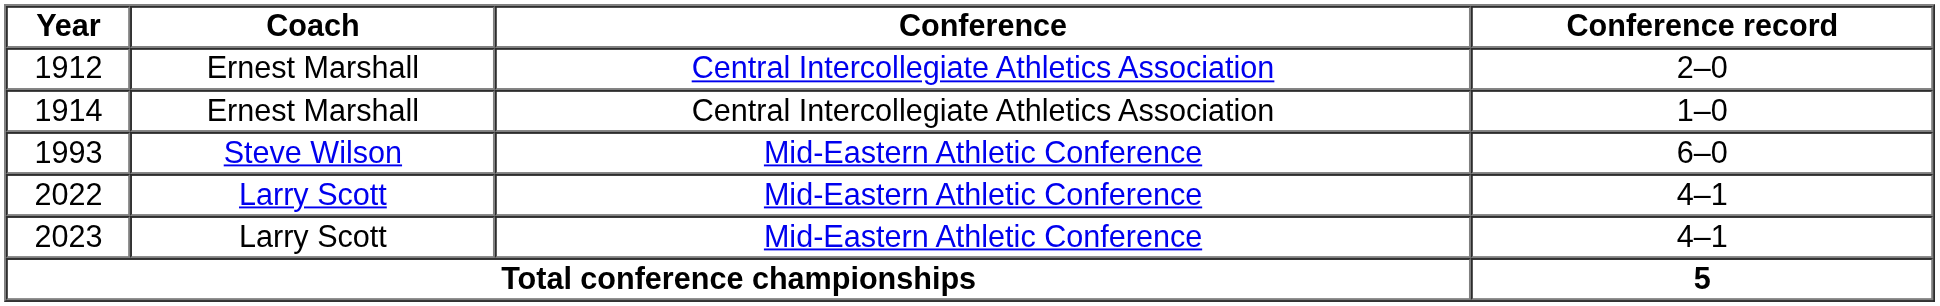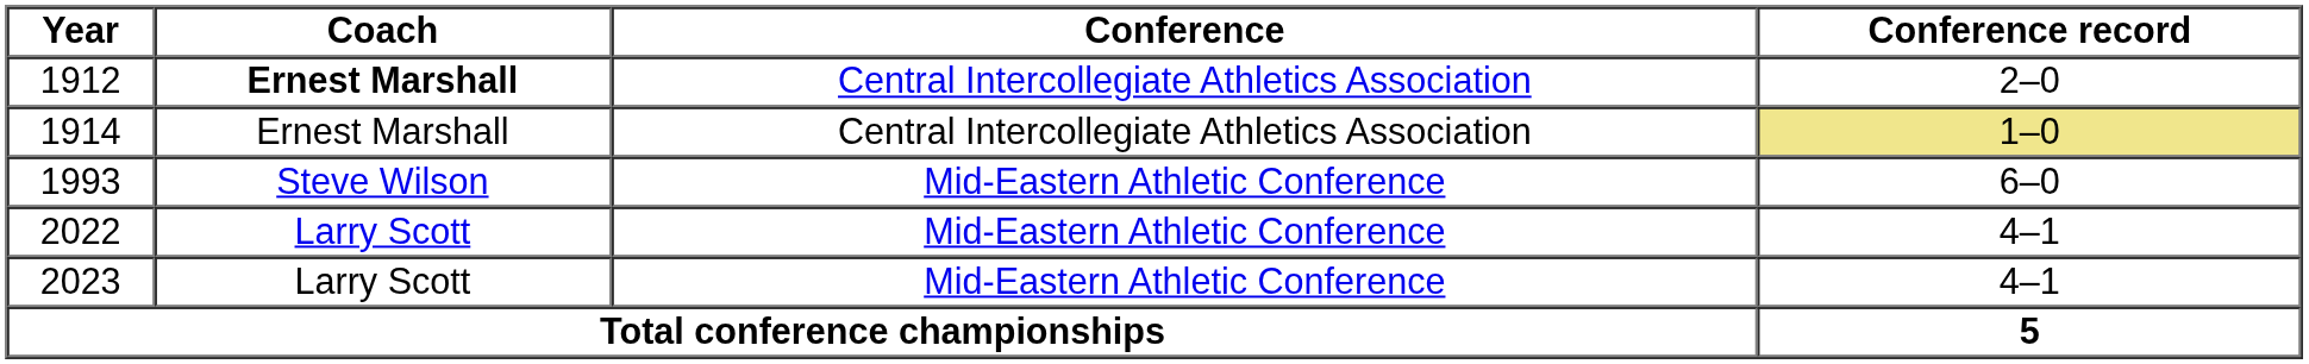 <table cellpadding="1" border="1" cellspacing="0" style="text-align:center; width:80%;">
 <tr>
 <th>Year</th>
 <th>Coach</th>
 <th>Conference</th>
 <th>Conference record</th>
 </tr>
 <tr>
 <td>1912</td>
-<td>Ernest Marshall</td>
+<td><strong>Ernest Marshall</strong></td>
 <td><a href='#'>Central Intercollegiate Athletics Association</a></td>
 <td>2–0</td>
 </tr>
 <tr>
 <td>1914</td>
 <td>Ernest Marshall</td>
 <td>Central Intercollegiate Athletics Association</td>
-<td>1–0</td>
+<td style="background: khaki;">1–0</td>
 </tr>
 <tr>
 <td>1993</td>
 <td><a href='#'>Steve Wilson</a></td>
 <td><a href='#'>Mid-Eastern Athletic Conference</a></td>
 <td>6–0</td>
 </tr>
 <tr>
 <td>2022</td>
 <td><a href='#'>Larry Scott</a></td>
 <td><a href='#'>Mid-Eastern Athletic Conference</a></td>
 <td>4–1</td>
 </tr>
 <tr>
 <td>2023</td>
 <td>Larry Scott</td>
 <td><a href='#'>Mid-Eastern Athletic Conference</a></td>
 <td>4–1</td>
 </tr>
 <tr>
 <td colspan="3"><strong>Total conference championships</strong></td>
 <td colspan="2"><strong>5</strong></td>
 </tr>
 </table>
